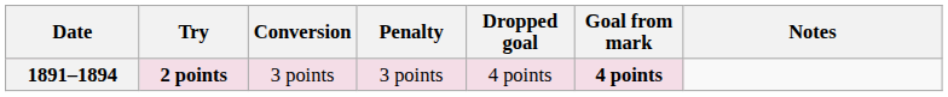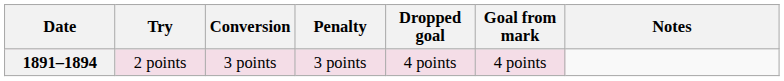 <table class="wikitable">
 <tr>
 <th scope="col" width="100px">Date</th>
 <th scope="col" width="80px">Try</th>
 <th scope="col" width="80px">Conversion</th>
 <th scope="col" width="80px">Penalty</th>
 <th scope="col" width="80px">Dropped goal</th>
 <th scope="col" width="80px">Goal from mark</th>
 <th scope="col" width="200px">Notes<br></th>
 </tr>
 <tr style="text-align:center;background:#F4DDE7;">
 <th>1891–1894</th>
-<td><strong>2 points</strong></td>
+<td>2 points</td>
 <td>3 points</td>
 <td>3 points</td>
 <td>4 points</td>
-<td><strong>4 points<br></strong></td>
+<td>4 points<br></td>
 </tr>
 </table>
